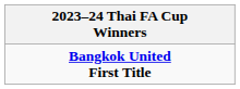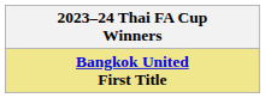 <table class="wikitable" style="text-align: center; margin: 0 auto; width: 20%">
 <tr>
 <th>2023–24 Thai FA Cup<br>Winners</th>
 </tr>
 <tr>
-<td align="center"><strong><a href='#'>Bangkok United</a></strong><br><strong>First Title</strong></td>
+<td align="center" style="background: khaki;"><strong><a href='#'>Bangkok United</a></strong><br><strong>First Title</strong></td>
 </tr>
 </table>
